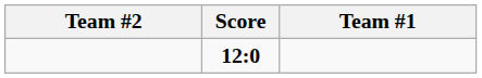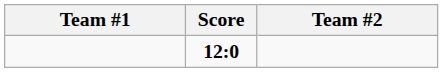 <table class="wikitable" style="text-align:center;">
 <tr>
+<th width=140>Team #1</th>
+<th width=50>Score</th>
 <th width=140>Team #2</th>
-<th width=50>Score</th>
-<th width=140>Team #1</th>
 </tr>
 <tr>
+<td style="text-align:right;"></td>
+<td><strong>12:0</strong></td>
 <td style="text-align:left;"></td>
-<td><strong>12:0</strong></td>
-<td style="text-align:right;"></td>
 </tr>
 </table>
